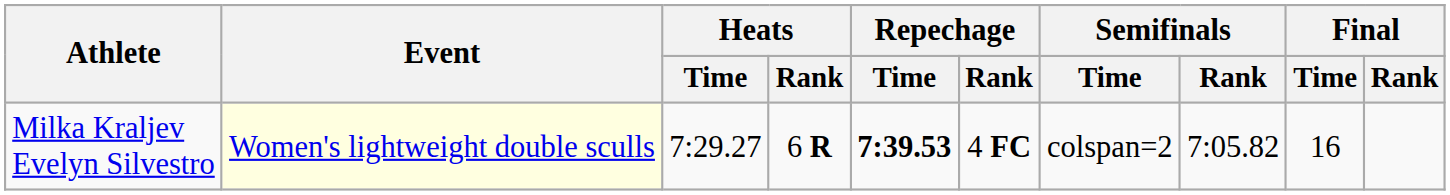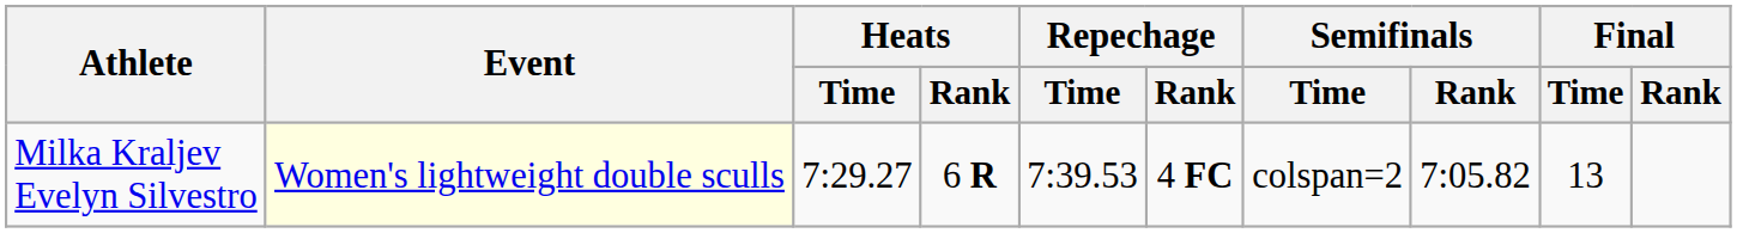 <table class="wikitable" style="font-size:90%">
 <tr>
 <th rowspan="2">Athlete</th>
 <th rowspan="2">Event</th>
 <th colspan="2">Heats</th>
 <th colspan="2">Repechage</th>
 <th colspan="2">Semifinals</th>
 <th colspan="2">Final</th>
 </tr>
 <tr style="font-size:95%">
 <th>Time</th>
 <th>Rank</th>
 <th>Time</th>
 <th>Rank</th>
 <th>Time</th>
 <th>Rank</th>
 <th>Time</th>
 <th>Rank</th>
 </tr>
 <tr align=center>
 <td align=left><a href='#'>Milka Kraljev</a><br><a href='#'>Evelyn Silvestro</a></td>
 <td align=left style="background: lightyellow;"><a href='#'>Women's lightweight double sculls</a></td>
 <td>7:29.27</td>
 <td>6 <strong>R</strong></td>
-<td><strong>7:39.53</strong></td>
+<td>7:39.53</td>
 <td>4 <strong>FC</strong></td>
 <td>colspan=2 </td>
 <td>7:05.82</td>
-<td>16</td>
+<td>13</td>
 </tr>
 </table>
